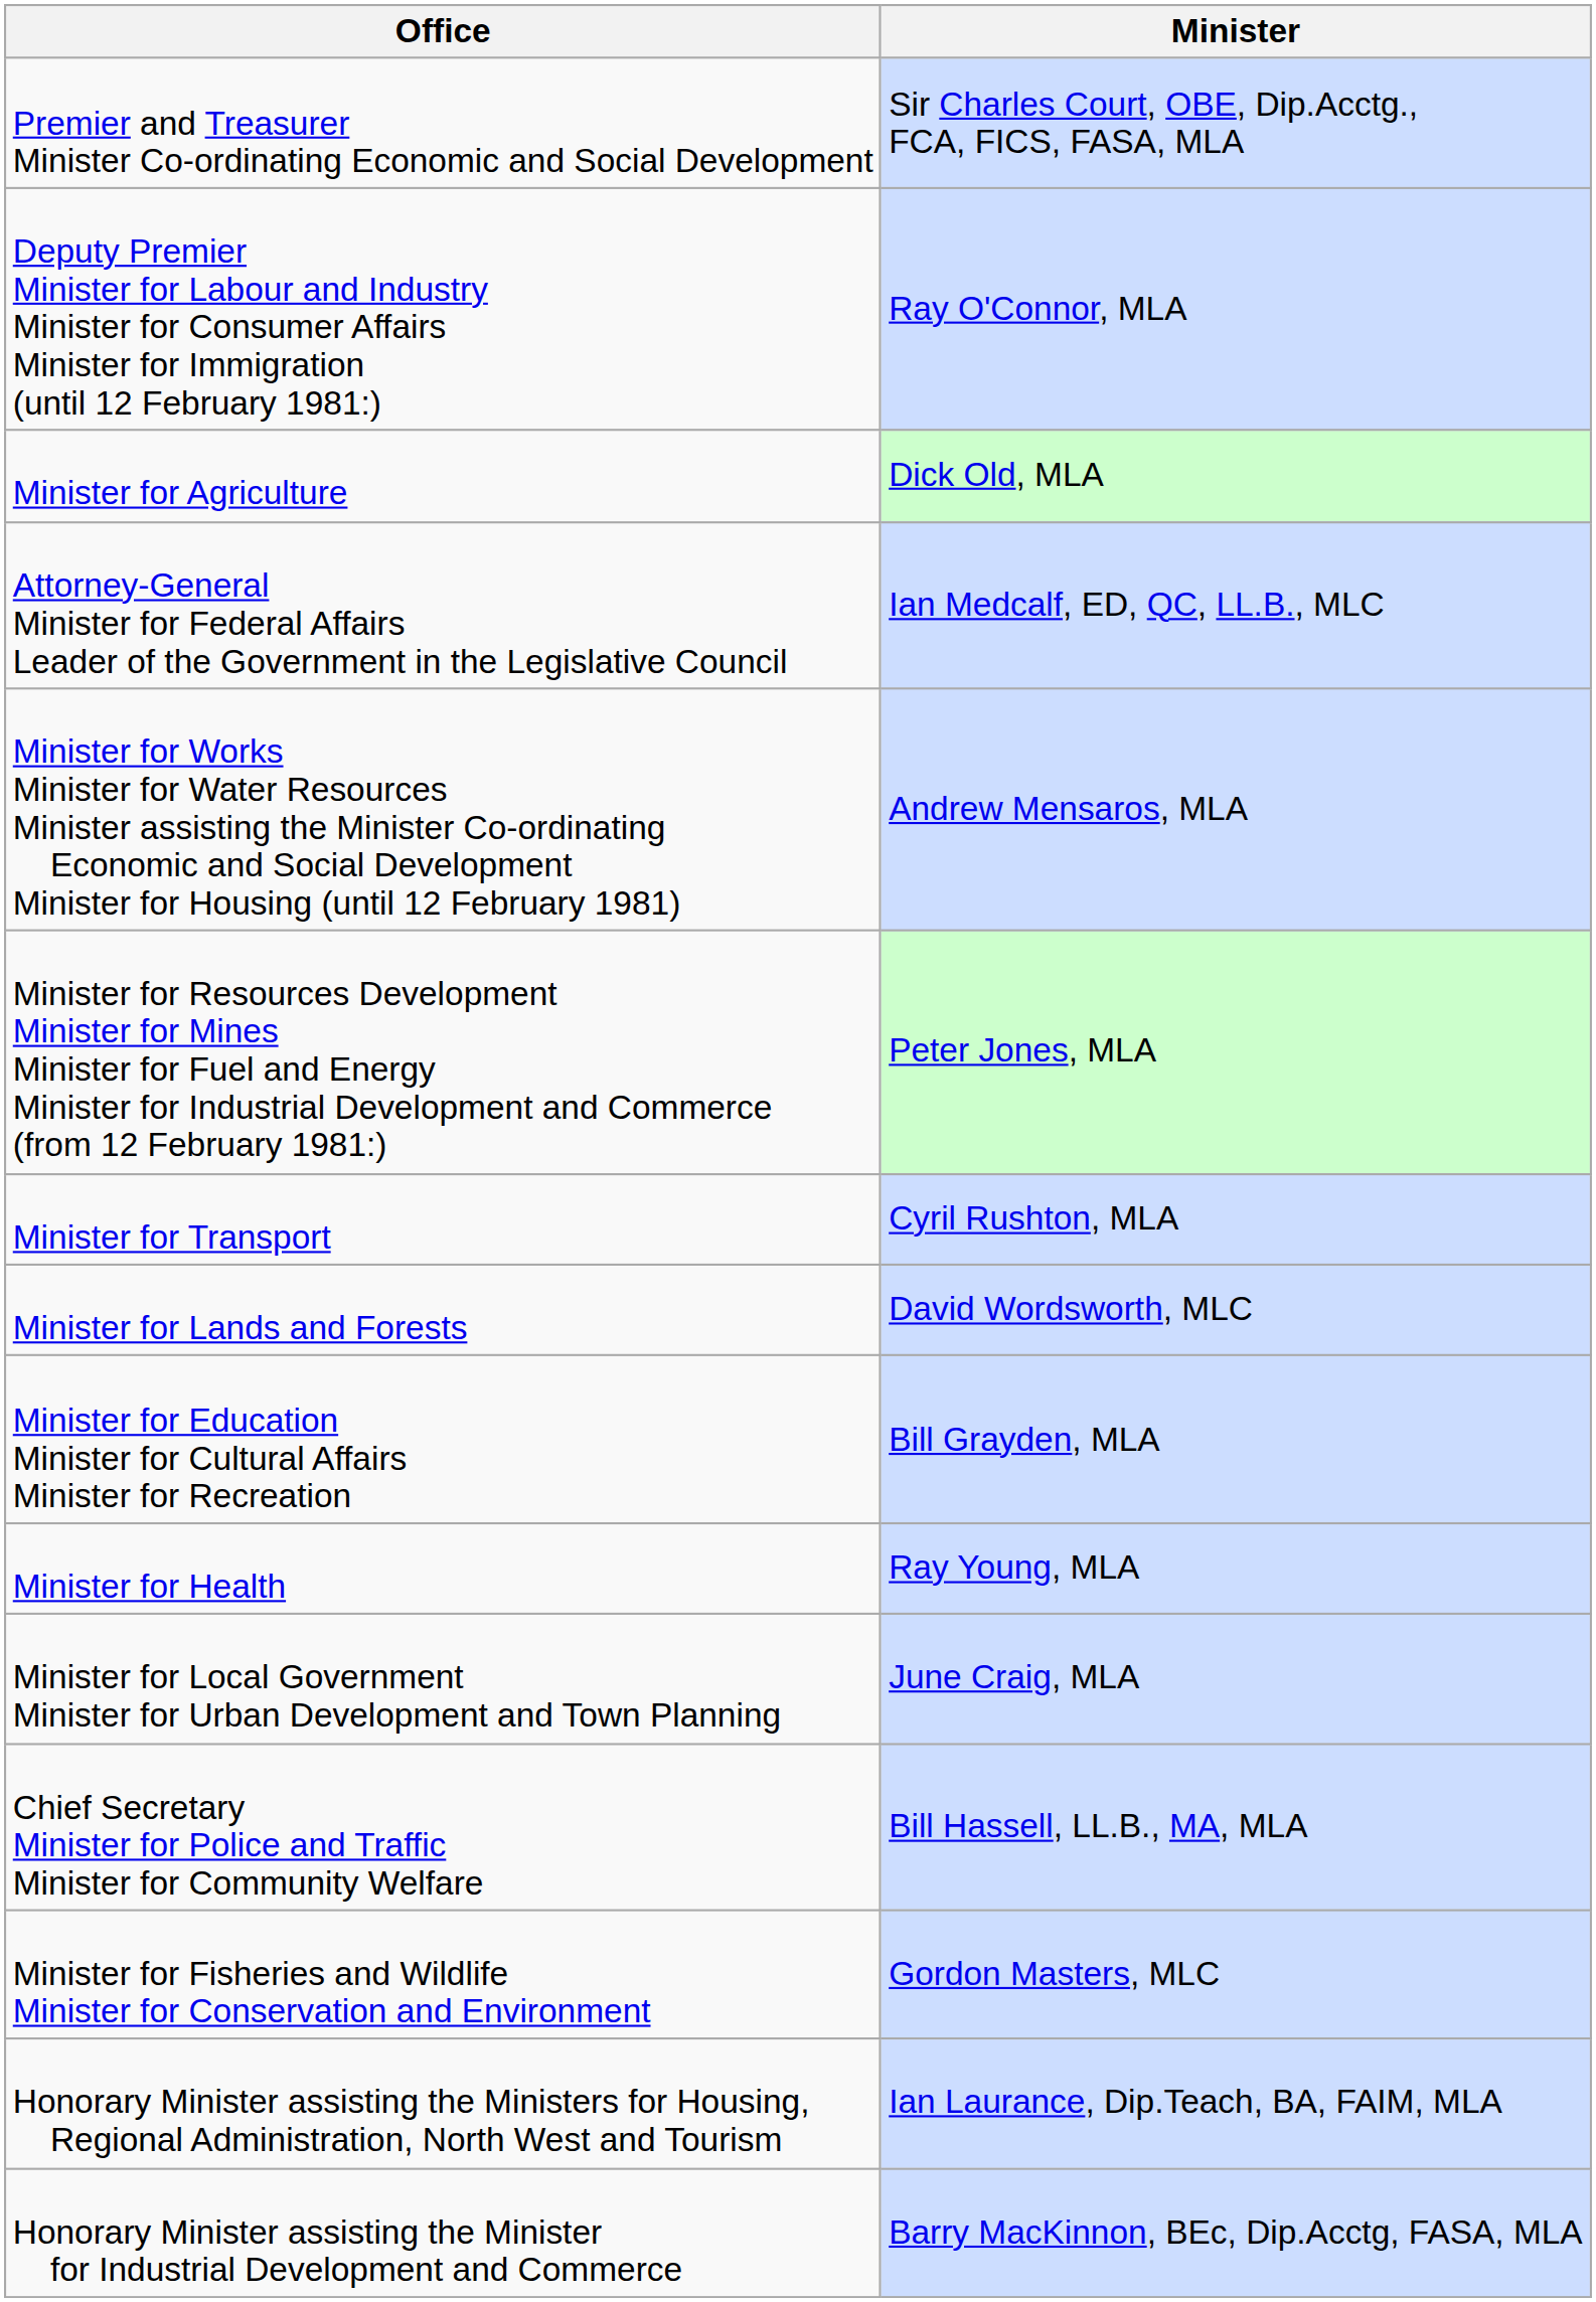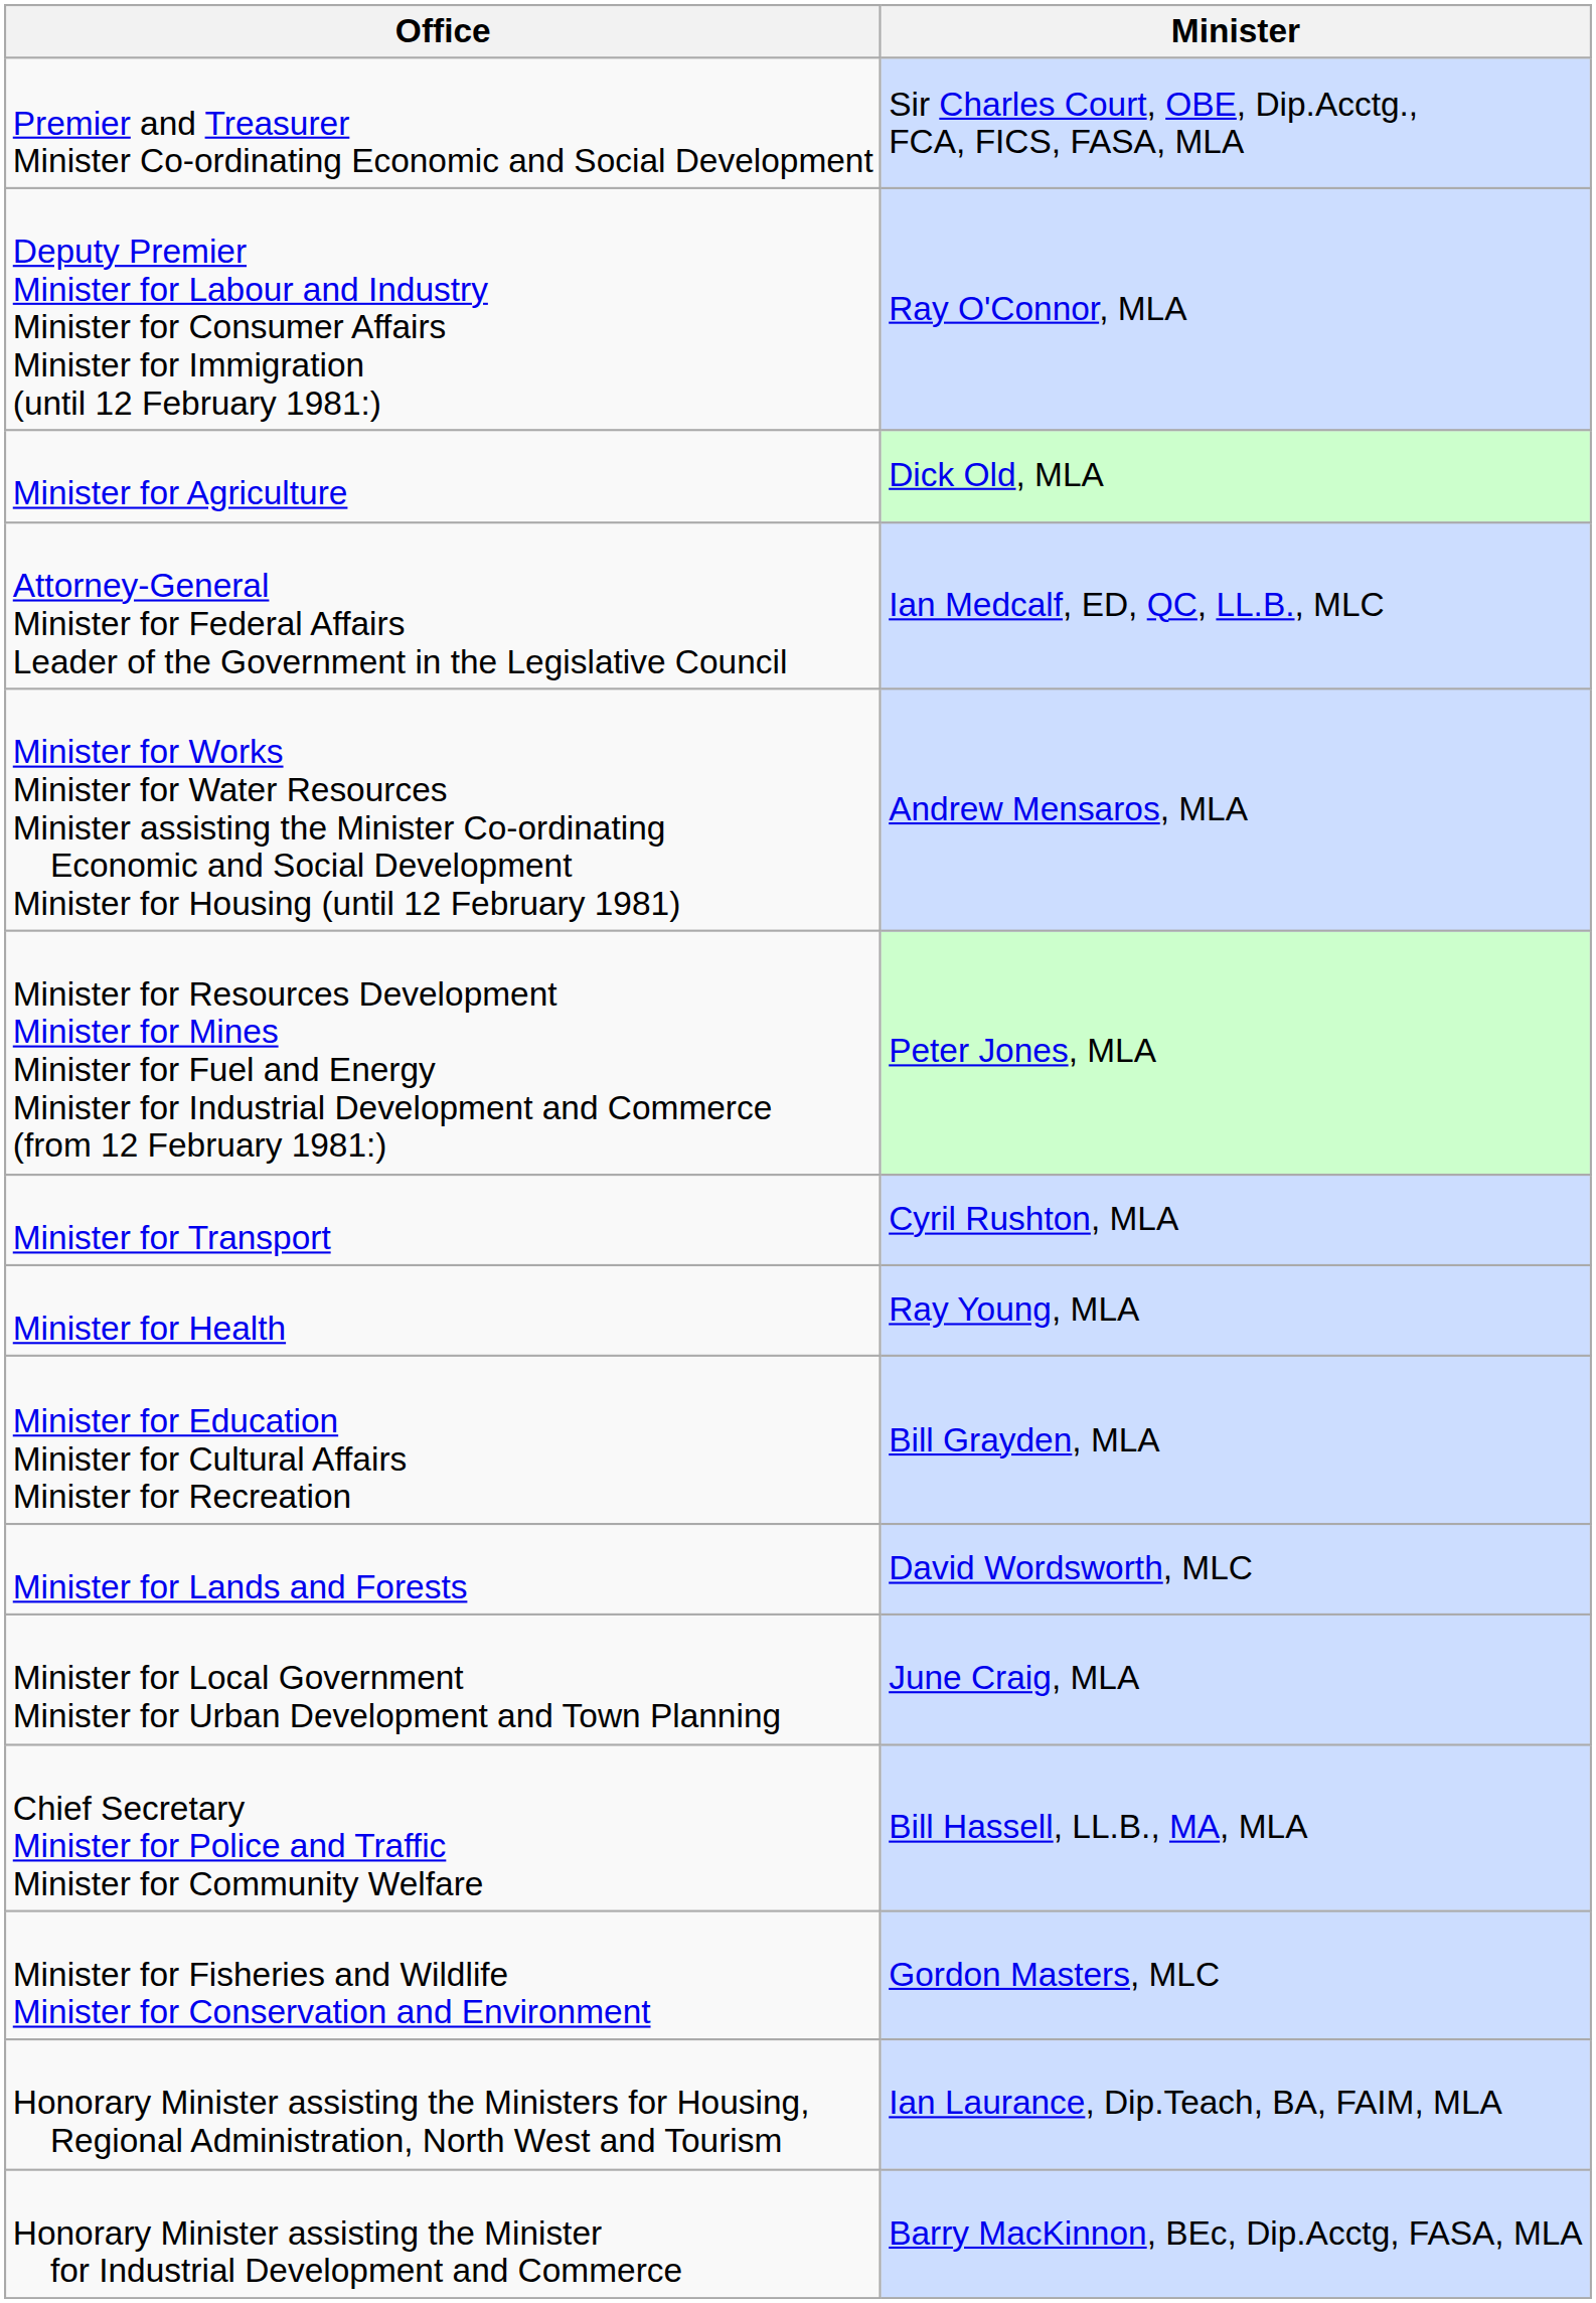 <table class="wikitable">
 <tr>
 <th>Office</th>
 <th>Minister</th>
 </tr>
 <tr>
 <td><br><a href='#'>Premier</a> and <a href='#'>Treasurer</a><br> Minister Co-ordinating Economic and Social Development<br></td>
 <td style="background:#CCDDFF">Sir <a href='#'>Charles Court</a>, <a href='#'>OBE</a>, Dip.Acctg.,<br>FCA, FICS, FASA, MLA</td>
 </tr>
 <tr>
 <td><br><a href='#'>Deputy Premier</a><br> <a href='#'>Minister for Labour and Industry</a><br> Minister for Consumer Affairs<br> Minister for Immigration<br>(until 12 February 1981:)</td>
 <td style="background:#CCDDFF"><a href='#'>Ray O'Connor</a>, MLA</td>
 </tr>
 <tr>
 <td><br><a href='#'>Minister for Agriculture</a><br></td>
 <td style="background:#CCFFCC"><a href='#'>Dick Old</a>, MLA</td>
 </tr>
 <tr>
 <td><br><a href='#'>Attorney-General</a><br> Minister for Federal Affairs<br> Leader of the Government in the Legislative Council<br></td>
 <td style="background:#CCDDFF"><a href='#'>Ian Medcalf</a>, ED, <a href='#'>QC</a>, <a href='#'>LL.B.</a>, MLC</td>
 </tr>
 <tr>
 <td><br><a href='#'>Minister for Works</a><br> Minister for Water Resources<br> Minister assisting the Minister Co-ordinating<br>    Economic and Social Development<br> Minister for Housing (until 12 February 1981)<br></td>
 <td style="background:#CCDDFF"><a href='#'>Andrew Mensaros</a>, MLA</td>
 </tr>
 <tr>
 <td><br>Minister for Resources Development<br> <a href='#'>Minister for Mines</a><br> Minister for Fuel and Energy<br> Minister for Industrial Development and Commerce<br>(from 12 February 1981:)</td>
 <td style="background:#CCFFCC"><a href='#'>Peter Jones</a>, MLA</td>
 </tr>
 <tr>
 <td><br><a href='#'>Minister for Transport</a><br></td>
 <td style="background:#CCDDFF"><a href='#'>Cyril Rushton</a>, MLA</td>
 </tr>
 <tr>
-<td><br><a href='#'>Minister for Lands and Forests</a><br></td>
-<td style="background:#CCDDFF"><a href='#'>David Wordsworth</a>, MLC</td>
+<td><br><a href='#'>Minister for Health</a><br></td>
+<td style="background:#CCDDFF"><a href='#'>Ray Young</a>, MLA</td>
 </tr>
 <tr>
 <td><br><a href='#'>Minister for Education</a><br> Minister for Cultural Affairs<br> Minister for Recreation<br></td>
 <td style="background:#CCDDFF"><a href='#'>Bill Grayden</a>, MLA</td>
 </tr>
 <tr>
-<td><br><a href='#'>Minister for Health</a><br></td>
-<td style="background:#CCDDFF"><a href='#'>Ray Young</a>, MLA</td>
+<td><br><a href='#'>Minister for Lands and Forests</a><br></td>
+<td style="background:#CCDDFF"><a href='#'>David Wordsworth</a>, MLC</td>
 </tr>
 <tr>
 <td><br>Minister for Local Government<br> Minister for Urban Development and Town Planning<br></td>
 <td style="background:#CCDDFF"><a href='#'>June Craig</a>, MLA</td>
 </tr>
 <tr>
 <td><br>Chief Secretary<br> <a href='#'>Minister for Police and Traffic</a><br> Minister for Community Welfare<br></td>
 <td style="background:#CCDDFF"><a href='#'>Bill Hassell</a>, LL.B., <a href='#'>MA</a>, MLA</td>
 </tr>
 <tr>
 <td><br>Minister for Fisheries and Wildlife<br> <a href='#'>Minister for Conservation and Environment</a><br></td>
 <td style="background:#CCDDFF"><a href='#'>Gordon Masters</a>, MLC</td>
 </tr>
 <tr>
 <td><br>Honorary Minister assisting the Ministers for Housing,<br>    Regional Administration, North West and Tourism</td>
 <td style="background:#CCDDFF"><a href='#'>Ian Laurance</a>, Dip.Teach, BA, FAIM, MLA</td>
 </tr>
 <tr>
 <td><br>Honorary Minister assisting the Minister<br>    for Industrial Development and Commerce</td>
 <td style="background:#CCDDFF"><a href='#'>Barry MacKinnon</a>, BEc, Dip.Acctg, FASA, MLA</td>
 </tr>
 </table>
